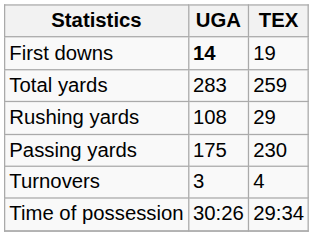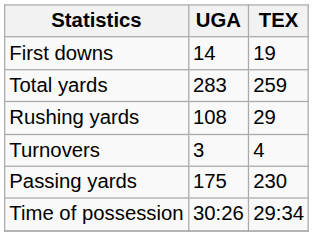 <table class="wikitable" style="float: left;">
 <tr>
 <th>Statistics</th>
 <th>UGA</th>
 <th>TEX</th>
 </tr>
 <tr>
 <td>First downs</td>
-<td><strong>14</strong></td>
+<td>14</td>
 <td>19</td>
 </tr>
 <tr>
 <td>Total yards</td>
 <td>283</td>
 <td>259</td>
 </tr>
 <tr>
 <td>Rushing yards</td>
 <td>108</td>
 <td>29</td>
 </tr>
 <tr>
+<td>Turnovers</td>
+<td>3</td>
+<td>4</td>
+</tr>
+<tr>
 <td>Passing yards</td>
 <td>175</td>
 <td>230</td>
-</tr>
-<tr>
-<td>Turnovers</td>
-<td>3</td>
-<td>4</td>
 </tr>
 <tr>
 <td>Time of possession</td>
 <td>30:26</td>
 <td>29:34</td>
 </tr>
 <tr>
 </tr>
 </table>
